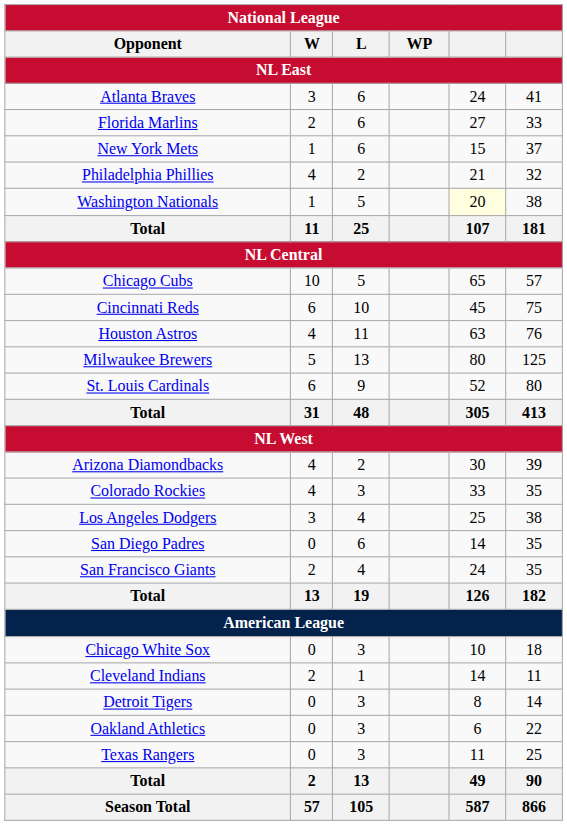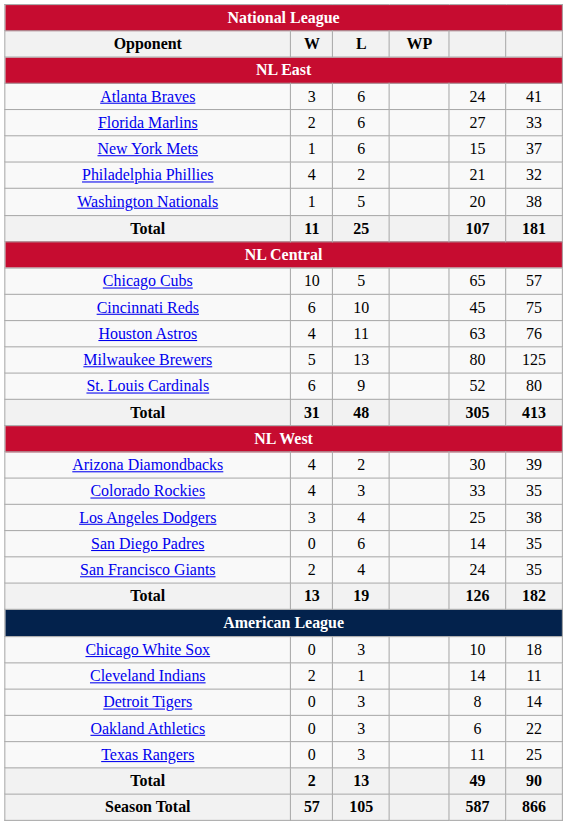 <table class="wikitable" style="font-size:95%; text-align:center; width:35em;margin:0.5em auto;">
 <tr>
 <td colspan="7" style="background:#c60c30;color:#fff"><strong>National League</strong></td>
 </tr>
 <tr>
 <th>Opponent</th>
 <th>W</th>
 <th>L</th>
 <th>WP</th>
 <th></th>
 <th></th>
 </tr>
 <tr>
 <td colspan="7" style="background:#c60c30;color:#fff"><strong>NL East</strong></td>
 </tr>
 <tr>
 <td><a href='#'>Atlanta Braves</a></td>
 <td>3</td>
 <td>6</td>
 <td></td>
 <td>24</td>
 <td>41</td>
 </tr>
 <tr>
 <td><a href='#'>Florida Marlins</a></td>
 <td>2</td>
 <td>6</td>
 <td></td>
 <td>27</td>
 <td>33</td>
 </tr>
 <tr>
 <td><a href='#'>New York Mets</a></td>
 <td>1</td>
 <td>6</td>
 <td></td>
 <td>15</td>
 <td>37</td>
 </tr>
 <tr>
 <td><a href='#'>Philadelphia Phillies</a></td>
 <td>4</td>
 <td>2</td>
 <td></td>
 <td>21</td>
 <td>32</td>
 </tr>
 <tr>
 <td><a href='#'>Washington Nationals</a></td>
 <td>1</td>
 <td>5</td>
 <td></td>
-<td style="background: lightyellow;">20</td>
+<td>20</td>
 <td>38</td>
 </tr>
 <tr>
 <th>Total</th>
 <th>11</th>
 <th>25</th>
 <th></th>
 <th>107</th>
 <th>181</th>
 </tr>
 <tr>
 <td colspan="7" style="background:#c60c30;color:#fff"><strong>NL Central</strong></td>
 </tr>
 <tr>
 <td><a href='#'>Chicago Cubs</a></td>
 <td>10</td>
 <td>5</td>
 <td></td>
 <td>65</td>
 <td>57</td>
 </tr>
 <tr>
 <td><a href='#'>Cincinnati Reds</a></td>
 <td>6</td>
 <td>10</td>
 <td></td>
 <td>45</td>
 <td>75</td>
 </tr>
 <tr>
 <td><a href='#'>Houston Astros</a></td>
 <td>4</td>
 <td>11</td>
 <td></td>
 <td>63</td>
 <td>76</td>
 </tr>
 <tr>
 <td><a href='#'>Milwaukee Brewers</a></td>
 <td>5</td>
 <td>13</td>
 <td></td>
 <td>80</td>
 <td>125</td>
 </tr>
 <tr>
 <td><a href='#'>St. Louis Cardinals</a></td>
 <td>6</td>
 <td>9</td>
 <td></td>
 <td>52</td>
 <td>80</td>
 </tr>
 <tr>
 <th>Total</th>
 <th>31</th>
 <th>48</th>
 <th></th>
 <th>305</th>
 <th>413</th>
 </tr>
 <tr>
 <td colspan="7" style="background:#c60c30;color:#fff"><strong>NL West</strong></td>
 </tr>
 <tr>
 <td><a href='#'>Arizona Diamondbacks</a></td>
 <td>4</td>
 <td>2</td>
 <td></td>
 <td>30</td>
 <td>39</td>
 </tr>
 <tr>
 <td><a href='#'>Colorado Rockies</a></td>
 <td>4</td>
 <td>3</td>
 <td></td>
 <td>33</td>
 <td>35</td>
 </tr>
 <tr>
 <td><a href='#'>Los Angeles Dodgers</a></td>
 <td>3</td>
 <td>4</td>
 <td></td>
 <td>25</td>
 <td>38</td>
 </tr>
 <tr>
 <td><a href='#'>San Diego Padres</a></td>
 <td>0</td>
 <td>6</td>
 <td></td>
 <td>14</td>
 <td>35</td>
 </tr>
 <tr>
 <td><a href='#'>San Francisco Giants</a></td>
 <td>2</td>
 <td>4</td>
 <td></td>
 <td>24</td>
 <td>35</td>
 </tr>
 <tr>
 <th>Total</th>
 <th>13</th>
 <th>19</th>
 <th></th>
 <th>126</th>
 <th>182</th>
 </tr>
 <tr>
 <td colspan="7" style="background:#03224c;color:#fff"><strong>American League</strong></td>
 </tr>
 <tr>
 <td><a href='#'>Chicago White Sox</a></td>
 <td>0</td>
 <td>3</td>
 <td></td>
 <td>10</td>
 <td>18</td>
 </tr>
 <tr>
 <td><a href='#'>Cleveland Indians</a></td>
 <td>2</td>
 <td>1</td>
 <td></td>
 <td>14</td>
 <td>11</td>
 </tr>
 <tr>
 <td><a href='#'>Detroit Tigers</a></td>
 <td>0</td>
 <td>3</td>
 <td></td>
 <td>8</td>
 <td>14</td>
 </tr>
 <tr>
 <td><a href='#'>Oakland Athletics</a></td>
 <td>0</td>
 <td>3</td>
 <td></td>
 <td>6</td>
 <td>22</td>
 </tr>
 <tr>
 <td><a href='#'>Texas Rangers</a></td>
 <td>0</td>
 <td>3</td>
 <td></td>
 <td>11</td>
 <td>25</td>
 </tr>
 <tr>
 <th>Total</th>
 <th>2</th>
 <th>13</th>
 <th></th>
 <th>49</th>
 <th>90</th>
 </tr>
 <tr>
 <th>Season Total</th>
 <th>57</th>
 <th>105</th>
 <th></th>
 <th>587</th>
 <th>866</th>
 </tr>
 </table>
